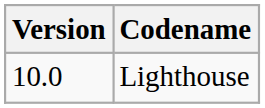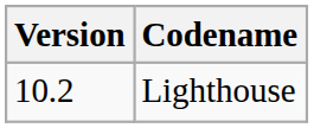 <table class="wikitable" style="font-size:smaller;">
 <tr>
 <th>Version</th>
 <th>Codename</th>
 </tr>
 <tr>
-<td>10.0</td>
+<td>10.2</td>
 <td>Lighthouse</td>
 </tr>
 </table>
